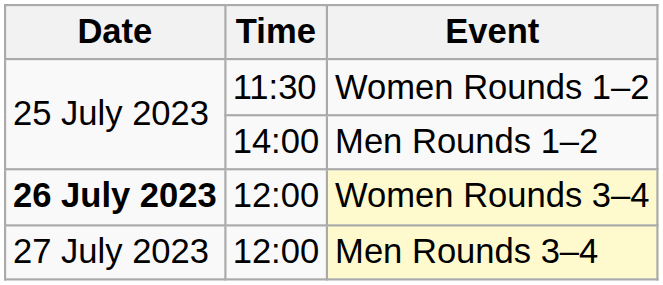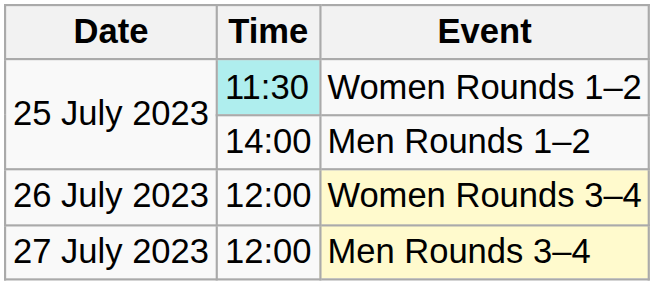 <table class="wikitable">
 <tr>
 <th>Date</th>
 <th>Time</th>
 <th>Event</th>
 </tr>
 <tr>
 <td rowspan=2>25 July 2023</td>
-<td>11:30</td>
+<td style="background: paleturquoise;">11:30</td>
 <td>Women Rounds 1–2</td>
 </tr>
 <tr>
 <td>14:00</td>
 <td>Men Rounds 1–2</td>
 </tr>
 <tr>
-<td><strong>26 July 2023</strong></td>
+<td>26 July 2023</td>
 <td>12:00</td>
 <td style=background:lemonchiffon>Women Rounds 3–4</td>
 </tr>
 <tr>
 <td>27 July 2023</td>
 <td>12:00</td>
 <td style=background:lemonchiffon>Men Rounds 3–4</td>
 </tr>
 </table>
